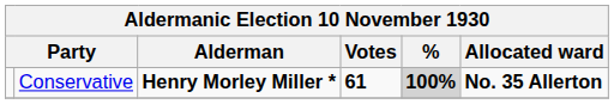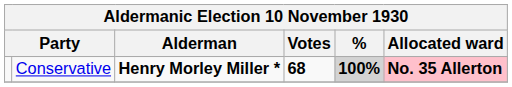 <table class="wikitable">
 <tr>
 <th colspan="6"><strong>Aldermanic Election 10 November 1930</strong></th>
 </tr>
 <tr>
 <th colspan="2">Party</th>
 <th>Alderman</th>
 <th>Votes</th>
 <th>%</th>
 <th>Allocated ward</th>
 </tr>
 <tr>
 <td style="background-color:"></td>
 <td><a href='#'>Conservative</a></td>
 <td><strong>Henry Morley Miller *</strong></td>
-<td><strong>61</strong></td>
+<td><strong>68</strong></td>
 <td style="background: lightgrey;"><strong>100%</strong></td>
-<td><strong>No. 35 Allerton</strong></td>
+<td style="background: pink;"><strong>No. 35 Allerton</strong></td>
 </tr>
 <tr>
 </tr>
 </table>
